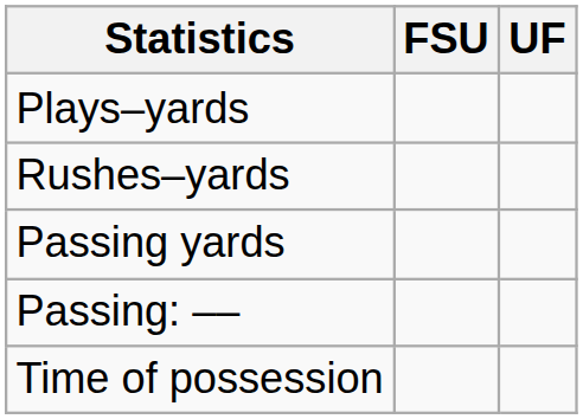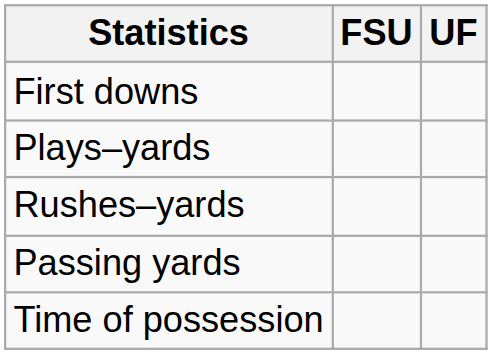 <table class="wikitable" style="float:left">
 <tr>
 <th>Statistics</th>
 <th>FSU</th>
 <th>UF</th>
+</tr>
+<tr>
+<td>First downs</td>
+<td></td>
+<td></td>
 </tr>
 <tr>
 <td>Plays–yards</td>
 <td></td>
 <td></td>
 </tr>
 <tr>
 <td>Rushes–yards</td>
 <td></td>
 <td></td>
 </tr>
 <tr>
 <td>Passing yards</td>
 <td></td>
 <td></td>
 </tr>
 <tr>
-<td>Passing: ––</td>
-<td></td>
-<td></td>
-</tr>
-<tr>
 <td>Time of possession</td>
 <td></td>
 <td></td>
 </tr>
 </table>
